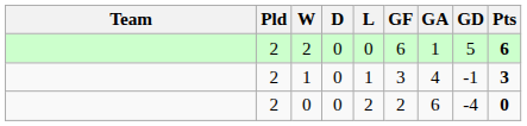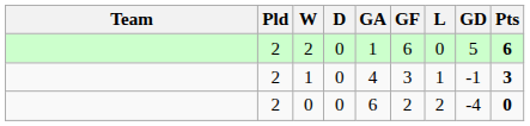 <table class="wikitable" style="text-align:center;">
 <tr>
 <th width=215>Team</th>
 <th width=20>Pld</th>
 <th width=20>W</th>
 <th width=20>D</th>
+<th width=20>GA</th>
+<th width=20>GF</th>
 <th width=20>L</th>
-<th width=20>GF</th>
-<th width=20>GA</th>
 <th width=20>GD</th>
 <th width=20>Pts</th>
 </tr>
 <tr style="background:#ccffcc;">
 <td style="text-align:left;"></td>
 <td>2</td>
 <td>2</td>
 <td>0</td>
+<td>1</td>
+<td>6</td>
 <td>0</td>
-<td>6</td>
-<td>1</td>
 <td>5</td>
 <td><strong>6</strong></td>
 </tr>
 <tr>
 <td style="text-align:left;"></td>
 <td>2</td>
 <td>1</td>
 <td>0</td>
+<td>4</td>
+<td>3</td>
 <td>1</td>
-<td>3</td>
-<td>4</td>
 <td>-1</td>
 <td><strong>3</strong></td>
 </tr>
 <tr>
 <td style="text-align:left;"></td>
 <td>2</td>
 <td>0</td>
 <td>0</td>
+<td>6</td>
 <td>2</td>
 <td>2</td>
-<td>6</td>
 <td>-4</td>
 <td><strong>0</strong></td>
 </tr>
 </table>
